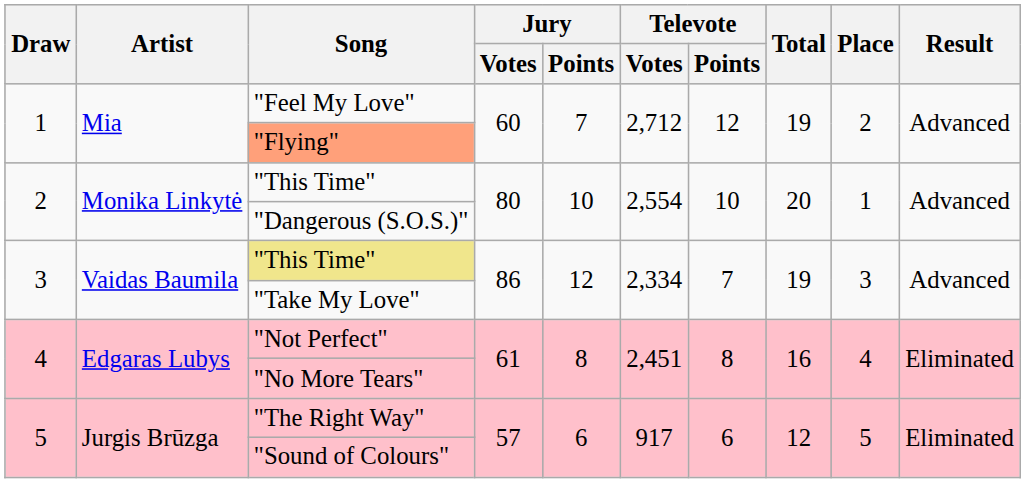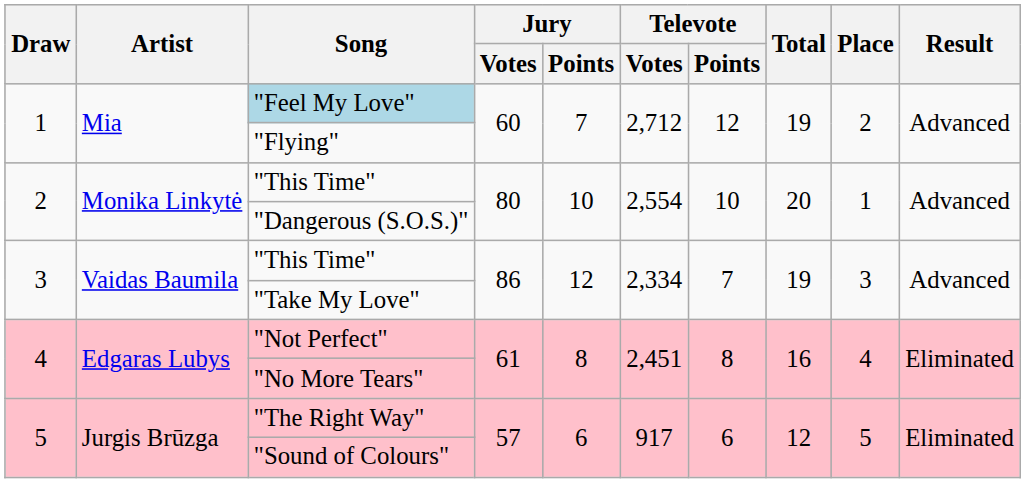 <table class="sortable wikitable" style="margin: 1em auto 1em auto; text-align:center;">
 <tr>
 <th rowspan="2">Draw</th>
 <th rowspan="2">Artist</th>
 <th rowspan="2">Song</th>
 <th colspan="2">Jury</th>
 <th colspan="2">Televote</th>
 <th rowspan="2">Total</th>
 <th rowspan="2">Place</th>
 <th rowspan="2">Result</th>
 </tr>
 <tr>
 <th>Votes</th>
 <th>Points</th>
 <th>Votes</th>
 <th>Points</th>
 </tr>
 <tr>
 <td rowspan="2">1</td>
 <td rowspan="2" align="left"><a href='#'>Mia</a></td>
-<td align="left">"Feel My Love"</td>
+<td align="left" style="background: lightblue;">"Feel My Love"</td>
 <td rowspan="2">60</td>
 <td rowspan="2">7</td>
 <td rowspan="2">2,712</td>
 <td rowspan="2">12</td>
 <td rowspan="2">19</td>
 <td rowspan="2">2</td>
 <td rowspan="2">Advanced</td>
 </tr>
 <tr>
-<td align="left" style="background: lightsalmon;">"Flying"</td>
+<td align="left">"Flying"</td>
 </tr>
 <tr>
 <td rowspan="2">2</td>
 <td rowspan="2" align="left"><a href='#'>Monika Linkytė</a></td>
 <td align="left">"This Time"</td>
 <td rowspan="2">80</td>
 <td rowspan="2">10</td>
 <td rowspan="2">2,554</td>
 <td rowspan="2">10</td>
 <td rowspan="2">20</td>
 <td rowspan="2">1</td>
 <td rowspan="2">Advanced</td>
 </tr>
 <tr>
 <td align="left">"Dangerous (S.O.S.)"</td>
 </tr>
 <tr>
 <td rowspan="2">3</td>
 <td rowspan="2" align="left"><a href='#'>Vaidas Baumila</a></td>
-<td align="left" style="background: khaki;">"This Time"</td>
+<td align="left">"This Time"</td>
 <td rowspan="2">86</td>
 <td rowspan="2">12</td>
 <td rowspan="2">2,334</td>
 <td rowspan="2">7</td>
 <td rowspan="2">19</td>
 <td rowspan="2">3</td>
 <td rowspan="2">Advanced</td>
 </tr>
 <tr>
 <td align="left">"Take My Love"</td>
 </tr>
 <tr style="background:pink;">
 <td rowspan="2">4</td>
 <td rowspan="2" align="left"><a href='#'>Edgaras Lubys</a></td>
 <td align="left">"Not Perfect"</td>
 <td rowspan="2">61</td>
 <td rowspan="2">8</td>
 <td rowspan="2">2,451</td>
 <td rowspan="2">8</td>
 <td rowspan="2">16</td>
 <td rowspan="2">4</td>
 <td rowspan="2">Eliminated</td>
 </tr>
 <tr style="background:pink;">
 <td align="left">"No More Tears"</td>
 </tr>
 <tr style="background:pink;">
 <td rowspan="2">5</td>
 <td rowspan="2" align="left">Jurgis Brūzga</td>
 <td align="left">"The Right Way"</td>
 <td rowspan="2">57</td>
 <td rowspan="2">6</td>
 <td rowspan="2">917</td>
 <td rowspan="2">6</td>
 <td rowspan="2">12</td>
 <td rowspan="2">5</td>
 <td rowspan="2">Eliminated</td>
 </tr>
 <tr style="background:pink;">
 <td align="left">"Sound of Colours"</td>
 </tr>
 </table>
